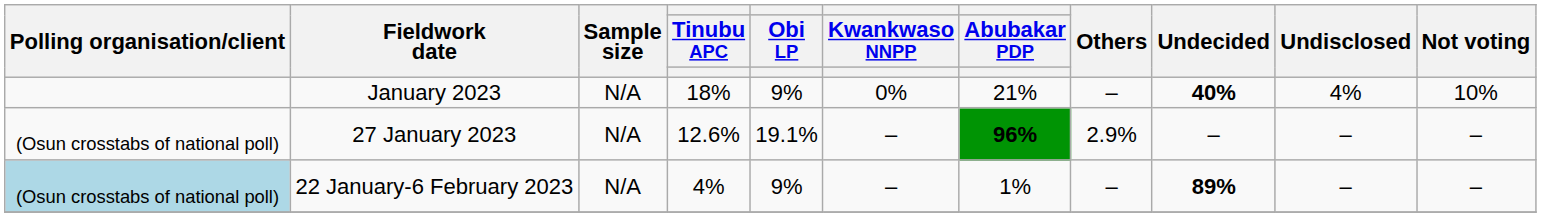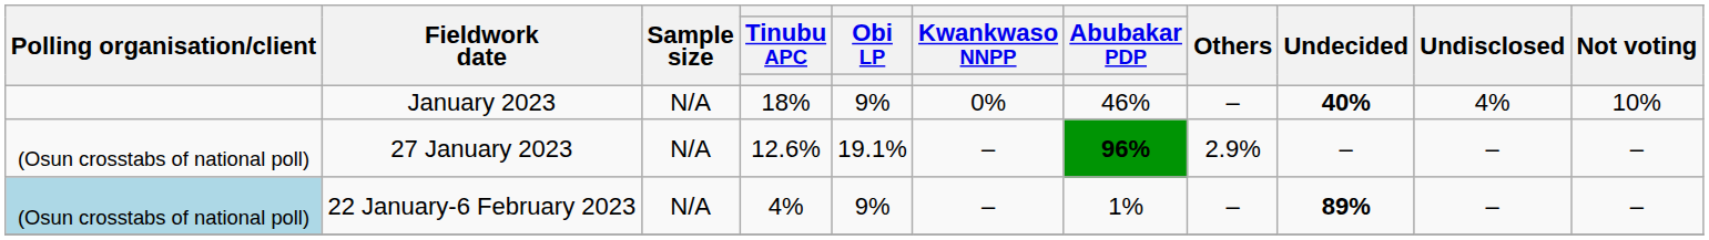 <table class="wikitable" style="text-align:center;font-size:95%;line-height:14px;">
 <tr>
 <th rowspan="3">Polling organisation/client</th>
 <th rowspan="3">Fieldwork<br>date</th>
 <th rowspan="3">Sample<br>size</th>
 <th></th>
 <th></th>
 <th></th>
 <th></th>
 <th rowspan="3">Others</th>
 <th rowspan="3">Undecided</th>
 <th rowspan="3">Undisclosed</th>
 <th rowspan="3">Not voting</th>
 </tr>
 <tr>
 <th><a href='#'>Tinubu</a><br><small><a href='#'>APC</a></small></th>
 <th><a href='#'>Obi</a><br><small><a href='#'>LP</a></small></th>
 <th><a href='#'>Kwankwaso</a><br><small><a href='#'>NNPP</a></small></th>
 <th><a href='#'>Abubakar</a><br><small><a href='#'>PDP</a></small></th>
 </tr>
 <tr>
 <th style="background:"></th>
 <th style="background:"></th>
 <th style="background:"></th>
 <th style="background:"></th>
 </tr>
 <tr>
 <td></td>
 <td>January 2023</td>
 <td>N/A</td>
 <td>18%</td>
 <td>9%</td>
 <td>0%</td>
-<td>21%</td>
+<td>46%</td>
 <td>–</td>
 <td><strong>40%</strong></td>
 <td>4%</td>
 <td>10%</td>
 </tr>
 <tr>
 <td><br><small>(Osun crosstabs of national poll)</small></td>
 <td>27 January 2023</td>
 <td>N/A</td>
 <td>12.6%</td>
 <td>19.1%</td>
 <td>–</td>
 <td bgcolor=#009404><strong>96%</strong></td>
 <td>2.9%</td>
 <td>–</td>
 <td>–</td>
 <td>–</td>
 </tr>
 <tr>
 <td style="background: lightblue;"><br><small>(Osun crosstabs of national poll)</small></td>
 <td>22 January-6 February 2023</td>
 <td>N/A</td>
 <td>4%</td>
 <td>9%</td>
 <td>–</td>
 <td>1%</td>
 <td>–</td>
 <td><strong>89%</strong></td>
 <td>–</td>
 <td>–</td>
 </tr>
 <tr>
 </tr>
 </table>
